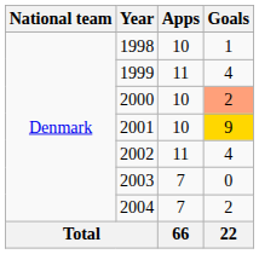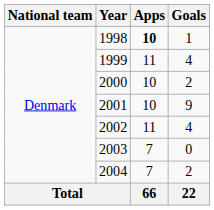 <table class="wikitable" style="text-align:center">
 <tr>
 <th>National team</th>
 <th>Year</th>
 <th>Apps</th>
 <th>Goals</th>
 </tr>
 <tr>
 <td rowspan="7"><a href='#'>Denmark</a></td>
 <td>1998</td>
-<td>10</td>
+<td><strong>10</strong></td>
 <td>1</td>
 </tr>
 <tr>
 <td>1999</td>
 <td>11</td>
 <td>4</td>
 </tr>
 <tr>
 <td>2000</td>
 <td>10</td>
-<td style="background: lightsalmon;">2</td>
+<td>2</td>
 </tr>
 <tr>
 <td>2001</td>
 <td>10</td>
-<td style="background: gold;">9</td>
+<td>9</td>
 </tr>
 <tr>
 <td>2002</td>
 <td>11</td>
 <td>4</td>
 </tr>
 <tr>
 <td>2003</td>
 <td>7</td>
 <td>0</td>
 </tr>
 <tr>
 <td>2004</td>
 <td>7</td>
 <td>2</td>
 </tr>
 <tr>
 <th colspan="2">Total</th>
 <th>66</th>
 <th>22</th>
 </tr>
 </table>
